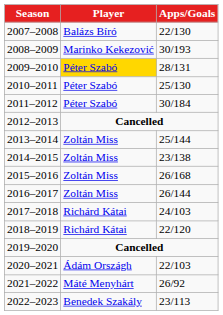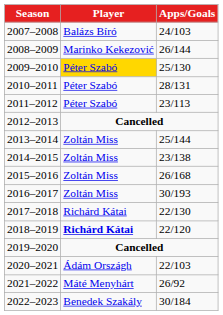 <table class="wikitable">
 <tr>
 <th style="color:white; background:#E62020">Season</th>
 <th style="color:white; background:#E62020">Player</th>
 <th style="color:white; background:#E62020">Apps/Goals</th>
 </tr>
 <tr>
 <td>2007–2008</td>
 <td> <a href='#'>Balázs Bíró</a></td>
-<td>22/130</td>
+<td>24/103</td>
 </tr>
 <tr>
 <td>2008–2009</td>
 <td> <a href='#'>Marinko Kekezović</a></td>
-<td>30/193</td>
+<td>26/144</td>
 </tr>
 <tr>
 <td>2009–2010</td>
 <td style="background: gold;"><a href='#'>Péter Szabó</a></td>
-<td>28/131</td>
+<td>25/130</td>
 </tr>
 <tr>
 <td>2010–2011</td>
 <td><a href='#'>Péter Szabó</a></td>
-<td>25/130</td>
+<td>28/131</td>
 </tr>
 <tr>
 <td>2011–2012</td>
 <td><a href='#'>Péter Szabó</a></td>
-<td>30/184</td>
+<td>23/113</td>
 </tr>
 <tr>
 <td>2012–2013</td>
 <td colspan=2 align=center><strong>Cancelled</strong></td>
 </tr>
 <tr>
 <td>2013–2014</td>
 <td> <a href='#'>Zoltán Miss</a></td>
 <td>25/144</td>
 </tr>
 <tr>
 <td>2014–2015</td>
 <td> <a href='#'>Zoltán Miss</a></td>
 <td>23/138</td>
 </tr>
 <tr>
 <td>2015–2016</td>
 <td> <a href='#'>Zoltán Miss</a></td>
 <td>26/168</td>
 </tr>
 <tr>
 <td>2016–2017</td>
 <td> <a href='#'>Zoltán Miss</a></td>
-<td>26/144</td>
+<td>30/193</td>
 </tr>
 <tr>
 <td>2017–2018</td>
 <td> <a href='#'>Richárd Kátai</a></td>
-<td>24/103</td>
+<td>22/130</td>
 </tr>
 <tr>
 <td>2018–2019</td>
-<td> <a href='#'>Richárd Kátai</a></td>
+<td><strong> <a href='#'>Richárd Kátai</a></strong></td>
 <td>22/120</td>
 </tr>
 <tr>
 <td>2019–2020</td>
 <td colspan=2 align=center><strong>Cancelled</strong></td>
 </tr>
 <tr>
 <td>2020–2021</td>
 <td> <a href='#'>Ádám Országh</a></td>
 <td>22/103</td>
 </tr>
 <tr>
 <td>2021–2022</td>
 <td> <a href='#'>Máté Menyhárt</a></td>
 <td>26/92</td>
 </tr>
 <tr>
 <td>2022–2023</td>
 <td> <a href='#'>Benedek Szakály</a></td>
-<td>23/113</td>
+<td>30/184</td>
 </tr>
 </table>
